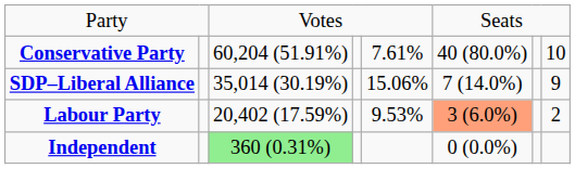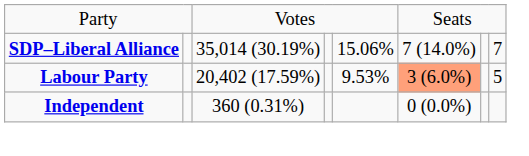 <table class=wikitable style="text-align:center;">
 <tr>
 <td colspan=2>Party</td>
 <td colspan=3>Votes</td>
 <td colspan=3>Seats</td>
-</tr>
-<tr>
-<td><strong><a href='#'>Conservative Party</a></strong></td>
-<td style="background:"></td>
-<td>60,204 (51.91%)</td>
-<td></td>
-<td>7.61%</td>
-<td>40 (80.0%)</td>
-<td></td>
-<td>10</td>
 </tr>
 <tr>
 <td><strong><a href='#'>SDP–Liberal Alliance</a></strong></td>
 <td style="background:"></td>
 <td>35,014 (30.19%)</td>
 <td></td>
 <td>15.06%</td>
 <td>7 (14.0%)</td>
 <td></td>
-<td>9</td>
+<td>7</td>
 </tr>
 <tr>
 <td><strong><a href='#'>Labour Party</a></strong></td>
 <td style="background:"></td>
 <td>20,402 (17.59%)</td>
 <td></td>
 <td>9.53%</td>
 <td style="background: lightsalmon;">3 (6.0%)</td>
 <td></td>
-<td>2</td>
+<td>5</td>
 </tr>
 <tr>
 <td><strong><a href='#'>Independent</a></strong></td>
 <td style="background:"></td>
-<td style="background: lightgreen;">360 (0.31%)</td>
+<td>360 (0.31%)</td>
 <td></td>
 <td></td>
 <td>0 (0.0%)</td>
 <td></td>
 <td></td>
 </tr>
 </table>
